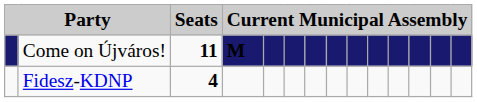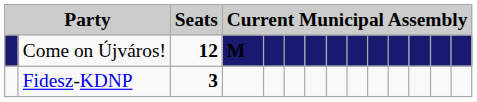 <table class="wikitable">
 <tr>
 <th style="background:#ccc" colspan="2">Party</th>
 <th style="background:#ccc">Seats</th>
 <th style="background:#ccc" colspan="11">Current Municipal Assembly</th>
 </tr>
 <tr>
 <td style="background-color: #191970"> </td>
 <td>Come on Újváros!</td>
-<td style="text-align: right"><strong>11</strong></td>
+<td style="text-align: right"><strong>12</strong></td>
 <td style="background-color: #191970"><span><strong>M</strong></span></td>
 <td style="background-color: #191970"> </td>
 <td style="background-color: #191970"> </td>
 <td style="background-color: #191970"> </td>
 <td style="background-color: #191970"> </td>
 <td style="background-color: #191970"> </td>
 <td style="background-color: #191970"> </td>
 <td style="background-color: #191970"> </td>
 <td style="background-color: #191970"> </td>
 <td style="background-color: #191970"> </td>
 <td style="background-color: #191970"> </td>
 </tr>
 <tr>
 <td style="background-color: "> </td>
 <td><a href='#'>Fidesz</a>-<a href='#'>KDNP</a></td>
-<td style="text-align: right"><strong>4</strong></td>
+<td style="text-align: right"><strong>3</strong></td>
 <td style="background-color: "> </td>
 <td style="background-color: "> </td>
 <td style="background-color: "> </td>
 <td style="background-color: "> </td>
 <td> </td>
 <td> </td>
 <td> </td>
 <td> </td>
 <td> </td>
 <td> </td>
 <td> </td>
 </tr>
 </table>
